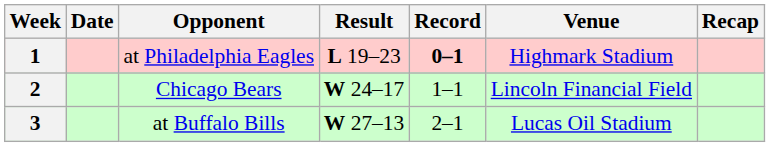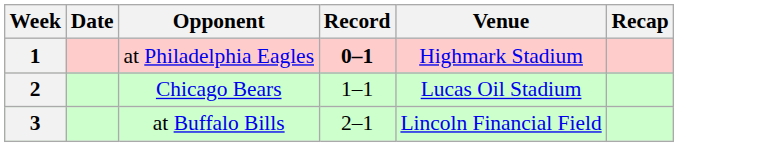 <table class="wikitable" style="text-align:center">
 <tr>
 <th>Week</th>
 <th>Date</th>
 <th>Opponent</th>
-<th>Result</th>
 <th>Record</th>
 <th>Venue</th>
 <th>Recap</th>
 </tr>
 <tr style="background:#fcc">
 <th>1</th>
 <td></td>
 <td>at <a href='#'>Philadelphia Eagles</a></td>
-<td><strong>L</strong> 19–23</td>
 <td><strong>0–1</strong></td>
 <td><a href='#'>Highmark Stadium</a></td>
 <td></td>
 </tr>
 <tr style="background:#cfc">
 <th>2</th>
 <td></td>
 <td><a href='#'>Chicago Bears</a></td>
-<td><strong>W</strong> 24–17</td>
 <td>1–1</td>
-<td><a href='#'>Lincoln Financial Field</a></td>
+<td><a href='#'>Lucas Oil Stadium</a></td>
 <td></td>
 </tr>
 <tr style="background:#cfc">
 <th>3</th>
 <td></td>
 <td>at <a href='#'>Buffalo Bills</a></td>
-<td><strong>W</strong> 27–13</td>
 <td>2–1</td>
-<td><a href='#'>Lucas Oil Stadium</a></td>
+<td><a href='#'>Lincoln Financial Field</a></td>
 <td></td>
 </tr>
 </table>
